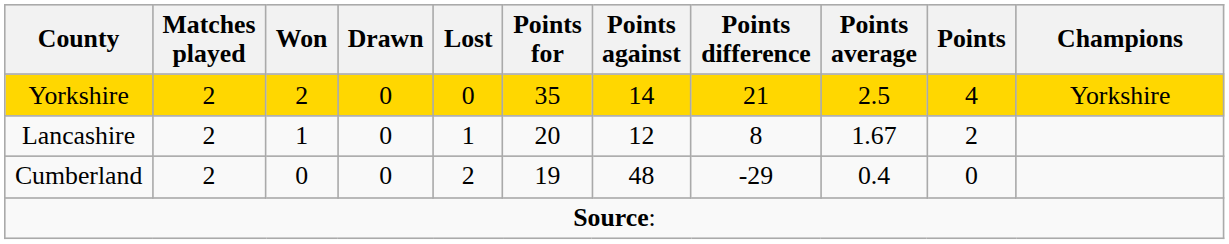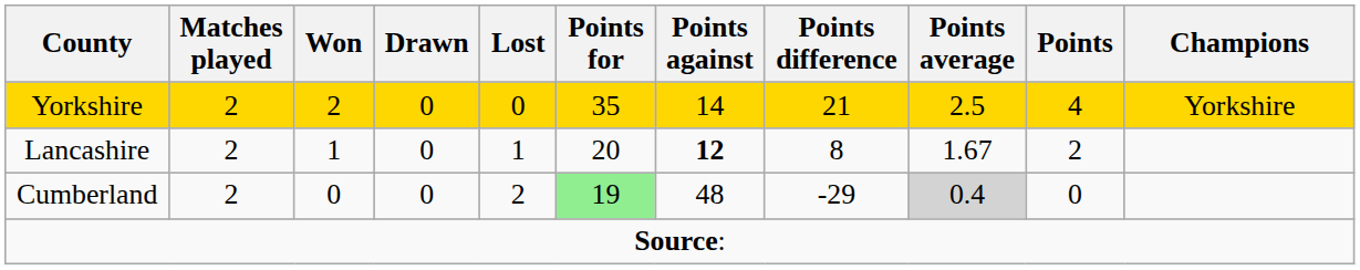 <table class="wikitable plainrowheaders" style="text-align: center; width: 60%">
 <tr>
 <th scope="col" style="width: 5%;">County</th>
 <th scope="col" style="width: 5%;">Matches played</th>
 <th scope="col" style="width: 5%;">Won</th>
 <th scope="col" style="width: 5%;">Drawn</th>
 <th scope="col" style="width: 5%;">Lost</th>
 <th scope="col" style="width: 5%;">Points for</th>
 <th scope="col" style="width: 5%;">Points against</th>
 <th scope="col" style="width: 5%;">Points difference</th>
 <th scope="col" style="width: 5%;">Points average</th>
 <th scope="col" style="width: 5%;">Points</th>
 <th scope="col" style="width: 15%;">Champions</th>
 </tr>
 <tr style="background: gold;">
 <td>Yorkshire</td>
 <td>2</td>
 <td>2</td>
 <td>0</td>
 <td>0</td>
 <td>35</td>
 <td>14</td>
 <td>21</td>
 <td>2.5</td>
 <td>4</td>
 <td>Yorkshire</td>
 </tr>
 <tr>
 <td>Lancashire</td>
 <td>2</td>
 <td>1</td>
 <td>0</td>
 <td>1</td>
 <td>20</td>
-<td>12</td>
+<td><strong>12</strong></td>
 <td>8</td>
 <td>1.67</td>
 <td>2</td>
 <td></td>
 </tr>
 <tr>
 <td>Cumberland</td>
 <td>2</td>
 <td>0</td>
 <td>0</td>
 <td>2</td>
-<td>19</td>
+<td style="background: lightgreen;">19</td>
 <td>48</td>
 <td>-29</td>
-<td>0.4</td>
+<td style="background: lightgrey;">0.4</td>
 <td>0</td>
 <td></td>
 </tr>
 <tr>
 <td colspan="11"><strong>Source</strong>:</td>
 </tr>
 </table>
